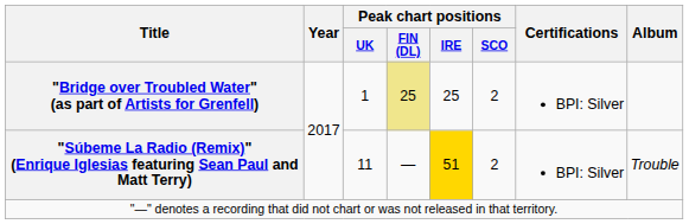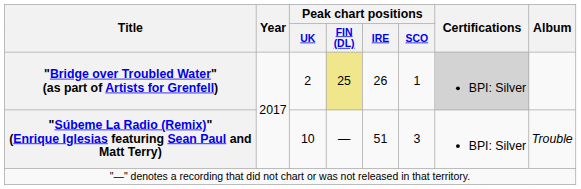 <table class="wikitable plainrowheaders" style="text-align:center;">
 <tr>
 <th scope="col" rowspan="2" style="width:20em;">Title</th>
 <th scope="col" rowspan="2" style="width:1em;">Year</th>
 <th scope="col" colspan="4">Peak chart positions</th>
 <th scope="col" rowspan="2">Certifications</th>
 <th scope="col" rowspan="2">Album</th>
 </tr>
 <tr>
 <th scope="col" style="width:3em;font-size:85%;"><a href='#'>UK</a><br></th>
 <th scope="col" style="width:3em;font-size:85%;"><a href='#'>FIN (DL)</a><br></th>
 <th scope="col" style="width:3em;font-size:85%;"><a href='#'>IRE</a><br></th>
 <th scope="col" style="width:3em;font-size:85%;"><a href='#'>SCO</a><br></th>
 </tr>
 <tr>
 <th scope="row">"<a href='#'>Bridge over Troubled Water</a>"<br><span>(as part of <a href='#'>Artists for Grenfell</a>)</span></th>
 <td rowspan="2">2017</td>
+<td>2</td>
+<td style="background: khaki;">25</td>
+<td>26</td>
 <td>1</td>
-<td style="background: khaki;">25</td>
-<td>25</td>
-<td>2</td>
-<td><br><ul><li>BPI: Silver</li></ul></td>
+<td style="background: lightgrey;"><br><ul><li>BPI: Silver</li></ul></td>
 <td></td>
 </tr>
 <tr>
 <th scope="row">"<a href='#'>Súbeme La Radio (Remix)</a>"<br><span>(<a href='#'>Enrique Iglesias</a> featuring <a href='#'>Sean Paul</a> and Matt Terry)</span></th>
-<td>11</td>
+<td>10</td>
 <td>—</td>
-<td style="background: gold;">51</td>
-<td>2</td>
+<td>51</td>
+<td>3</td>
 <td><br><ul><li>BPI: Silver</li></ul></td>
 <td><em>Trouble</em></td>
 </tr>
 <tr>
 <td colspan="15" style="font-size:85%">"—" denotes a recording that did not chart or was not released in that territory.</td>
 </tr>
 </table>
